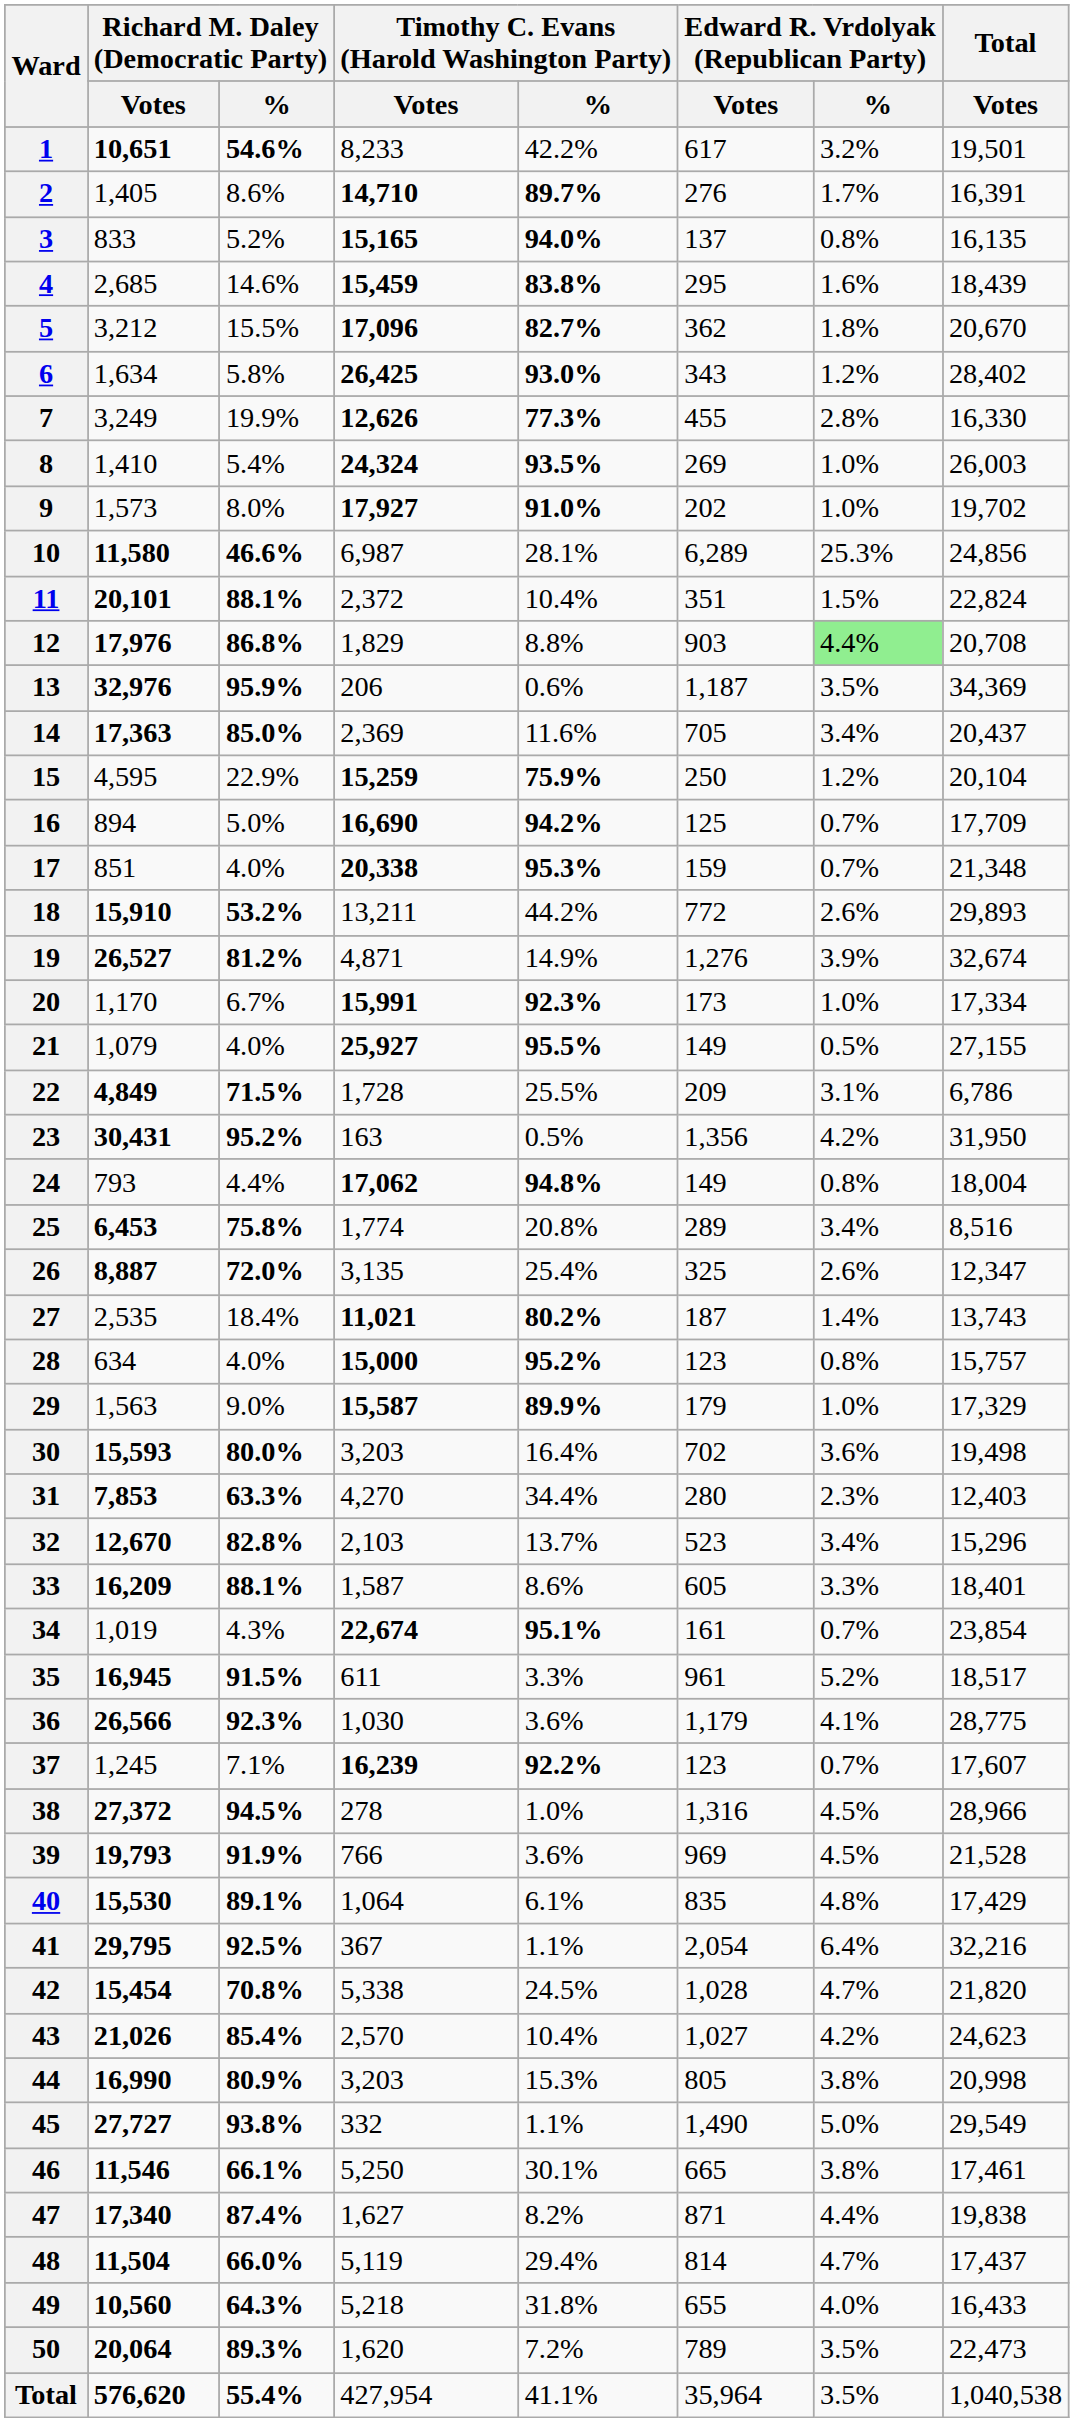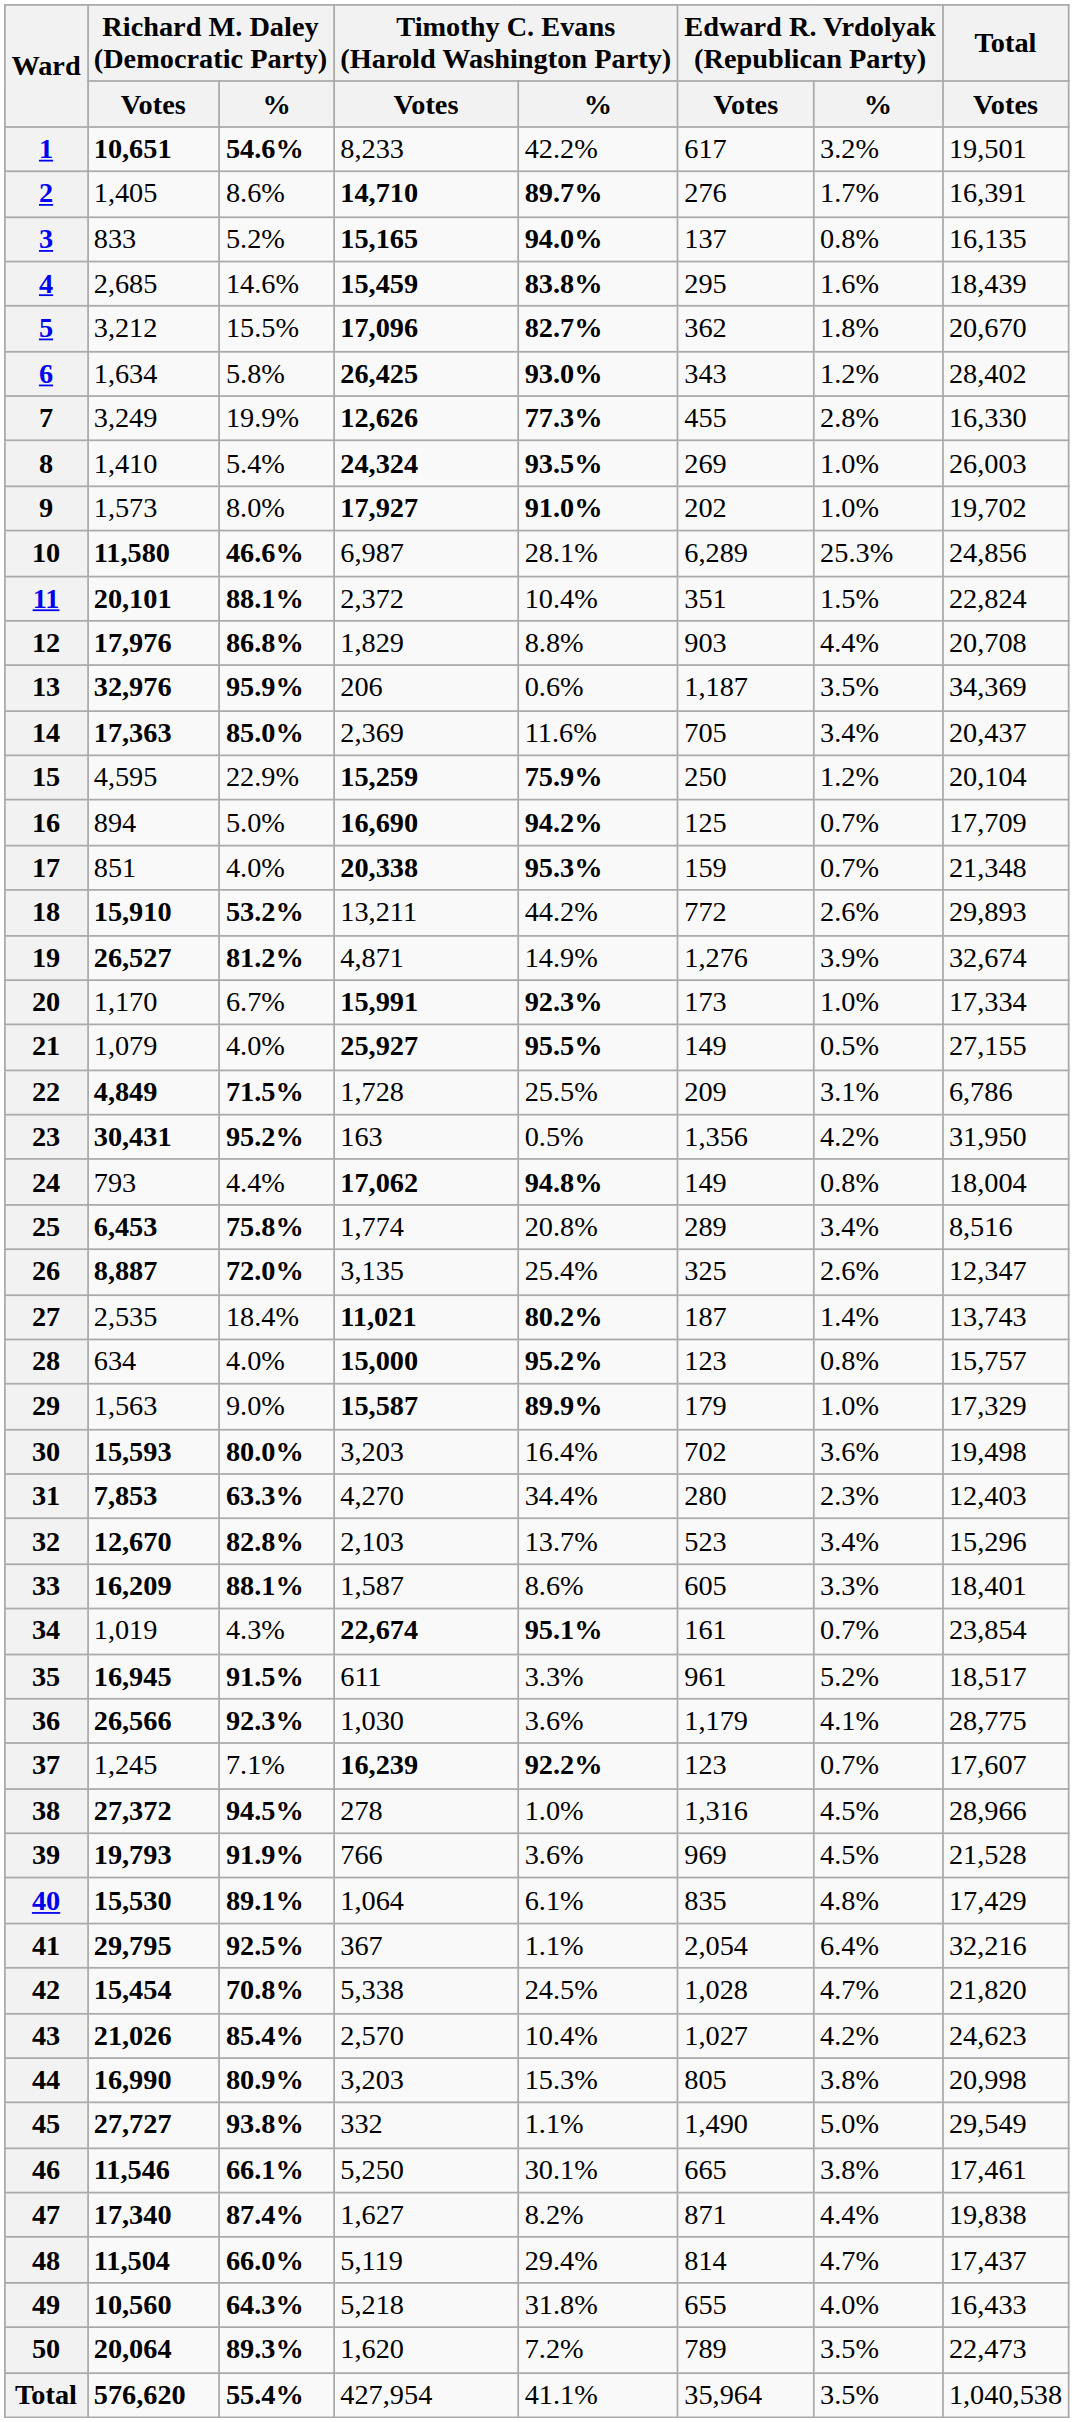 <table class="wikitable collapsible collapsed sortable">
 <tr>
 <th rowspan=2>Ward</th>
 <th colspan=2>Richard M. Daley<br>(Democratic Party)</th>
 <th colspan=2>Timothy C. Evans<br>(Harold Washington Party)</th>
 <th colspan=2>Edward R. Vrdolyak<br>(Republican Party)</th>
 <th>Total</th>
 </tr>
 <tr>
 <th>Votes</th>
 <th>%</th>
 <th>Votes</th>
 <th>%</th>
 <th>Votes</th>
 <th>%</th>
 <th>Votes</th>
 </tr>
 <tr>
 <th><a href='#'>1</a></th>
 <td><strong>10,651</strong></td>
 <td><strong>54.6%</strong></td>
 <td>8,233</td>
 <td>42.2%</td>
 <td>617</td>
 <td>3.2%</td>
 <td>19,501</td>
 </tr>
 <tr>
 <th><a href='#'>2</a></th>
 <td>1,405</td>
 <td>8.6%</td>
 <td><strong>14,710</strong></td>
 <td><strong>89.7%</strong></td>
 <td>276</td>
 <td>1.7%</td>
 <td>16,391</td>
 </tr>
 <tr>
 <th><a href='#'>3</a></th>
 <td>833</td>
 <td>5.2%</td>
 <td><strong>15,165</strong></td>
 <td><strong>94.0%</strong></td>
 <td>137</td>
 <td>0.8%</td>
 <td>16,135</td>
 </tr>
 <tr>
 <th><a href='#'>4</a></th>
 <td>2,685</td>
 <td>14.6%</td>
 <td><strong>15,459</strong></td>
 <td><strong>83.8%</strong></td>
 <td>295</td>
 <td>1.6%</td>
 <td>18,439</td>
 </tr>
 <tr>
 <th><a href='#'>5</a></th>
 <td>3,212</td>
 <td>15.5%</td>
 <td><strong>17,096</strong></td>
 <td><strong>82.7%</strong></td>
 <td>362</td>
 <td>1.8%</td>
 <td>20,670</td>
 </tr>
 <tr>
 <th><a href='#'>6</a></th>
 <td>1,634</td>
 <td>5.8%</td>
 <td><strong>26,425</strong></td>
 <td><strong>93.0%</strong></td>
 <td>343</td>
 <td>1.2%</td>
 <td>28,402</td>
 </tr>
 <tr>
 <th>7</th>
 <td>3,249</td>
 <td>19.9%</td>
 <td><strong>12,626</strong></td>
 <td><strong>77.3%</strong></td>
 <td>455</td>
 <td>2.8%</td>
 <td>16,330</td>
 </tr>
 <tr>
 <th>8</th>
 <td>1,410</td>
 <td>5.4%</td>
 <td><strong>24,324</strong></td>
 <td><strong>93.5%</strong></td>
 <td>269</td>
 <td>1.0%</td>
 <td>26,003</td>
 </tr>
 <tr>
 <th>9</th>
 <td>1,573</td>
 <td>8.0%</td>
 <td><strong>17,927</strong></td>
 <td><strong>91.0%</strong></td>
 <td>202</td>
 <td>1.0%</td>
 <td>19,702</td>
 </tr>
 <tr>
 <th>10</th>
 <td><strong>11,580</strong></td>
 <td><strong>46.6%</strong></td>
 <td>6,987</td>
 <td>28.1%</td>
 <td>6,289</td>
 <td>25.3%</td>
 <td>24,856</td>
 </tr>
 <tr>
 <th><a href='#'>11</a></th>
 <td><strong>20,101</strong></td>
 <td><strong>88.1%</strong></td>
 <td>2,372</td>
 <td>10.4%</td>
 <td>351</td>
 <td>1.5%</td>
 <td>22,824</td>
 </tr>
 <tr>
 <th>12</th>
 <td><strong>17,976</strong></td>
 <td><strong>86.8%</strong></td>
 <td>1,829</td>
 <td>8.8%</td>
 <td>903</td>
-<td style="background: lightgreen;">4.4%</td>
+<td>4.4%</td>
 <td>20,708</td>
 </tr>
 <tr>
 <th>13</th>
 <td><strong>32,976</strong></td>
 <td><strong>95.9%</strong></td>
 <td>206</td>
 <td>0.6%</td>
 <td>1,187</td>
 <td>3.5%</td>
 <td>34,369</td>
 </tr>
 <tr>
 <th>14</th>
 <td><strong>17,363</strong></td>
 <td><strong>85.0%</strong></td>
 <td>2,369</td>
 <td>11.6%</td>
 <td>705</td>
 <td>3.4%</td>
 <td>20,437</td>
 </tr>
 <tr>
 <th>15</th>
 <td>4,595</td>
 <td>22.9%</td>
 <td><strong>15,259</strong></td>
 <td><strong>75.9%</strong></td>
 <td>250</td>
 <td>1.2%</td>
 <td>20,104</td>
 </tr>
 <tr>
 <th>16</th>
 <td>894</td>
 <td>5.0%</td>
 <td><strong>16,690</strong></td>
 <td><strong>94.2%</strong></td>
 <td>125</td>
 <td>0.7%</td>
 <td>17,709</td>
 </tr>
 <tr>
 <th>17</th>
 <td>851</td>
 <td>4.0%</td>
 <td><strong>20,338</strong></td>
 <td><strong>95.3%</strong></td>
 <td>159</td>
 <td>0.7%</td>
 <td>21,348</td>
 </tr>
 <tr>
 <th>18</th>
 <td><strong>15,910</strong></td>
 <td><strong>53.2%</strong></td>
 <td>13,211</td>
 <td>44.2%</td>
 <td>772</td>
 <td>2.6%</td>
 <td>29,893</td>
 </tr>
 <tr>
 <th>19</th>
 <td><strong>26,527</strong></td>
 <td><strong>81.2%</strong></td>
 <td>4,871</td>
 <td>14.9%</td>
 <td>1,276</td>
 <td>3.9%</td>
 <td>32,674</td>
 </tr>
 <tr>
 <th>20</th>
 <td>1,170</td>
 <td>6.7%</td>
 <td><strong>15,991</strong></td>
 <td><strong>92.3%</strong></td>
 <td>173</td>
 <td>1.0%</td>
 <td>17,334</td>
 </tr>
 <tr>
 <th>21</th>
 <td>1,079</td>
 <td>4.0%</td>
 <td><strong>25,927</strong></td>
 <td><strong>95.5%</strong></td>
 <td>149</td>
 <td>0.5%</td>
 <td>27,155</td>
 </tr>
 <tr>
 <th>22</th>
 <td><strong>4,849</strong></td>
 <td><strong>71.5%</strong></td>
 <td>1,728</td>
 <td>25.5%</td>
 <td>209</td>
 <td>3.1%</td>
 <td>6,786</td>
 </tr>
 <tr>
 <th>23</th>
 <td><strong>30,431</strong></td>
 <td><strong>95.2%</strong></td>
 <td>163</td>
 <td>0.5%</td>
 <td>1,356</td>
 <td>4.2%</td>
 <td>31,950</td>
 </tr>
 <tr>
 <th>24</th>
 <td>793</td>
 <td>4.4%</td>
 <td><strong>17,062</strong></td>
 <td><strong>94.8%</strong></td>
 <td>149</td>
 <td>0.8%</td>
 <td>18,004</td>
 </tr>
 <tr>
 <th>25</th>
 <td><strong>6,453</strong></td>
 <td><strong>75.8%</strong></td>
 <td>1,774</td>
 <td>20.8%</td>
 <td>289</td>
 <td>3.4%</td>
 <td>8,516</td>
 </tr>
 <tr>
 <th>26</th>
 <td><strong>8,887</strong></td>
 <td><strong>72.0%</strong></td>
 <td>3,135</td>
 <td>25.4%</td>
 <td>325</td>
 <td>2.6%</td>
 <td>12,347</td>
 </tr>
 <tr>
 <th>27</th>
 <td>2,535</td>
 <td>18.4%</td>
 <td><strong>11,021</strong></td>
 <td><strong>80.2%</strong></td>
 <td>187</td>
 <td>1.4%</td>
 <td>13,743</td>
 </tr>
 <tr>
 <th>28</th>
 <td>634</td>
 <td>4.0%</td>
 <td><strong>15,000</strong></td>
 <td><strong>95.2%</strong></td>
 <td>123</td>
 <td>0.8%</td>
 <td>15,757</td>
 </tr>
 <tr>
 <th>29</th>
 <td>1,563</td>
 <td>9.0%</td>
 <td><strong>15,587</strong></td>
 <td><strong>89.9%</strong></td>
 <td>179</td>
 <td>1.0%</td>
 <td>17,329</td>
 </tr>
 <tr>
 <th>30</th>
 <td><strong>15,593</strong></td>
 <td><strong>80.0%</strong></td>
 <td>3,203</td>
 <td>16.4%</td>
 <td>702</td>
 <td>3.6%</td>
 <td>19,498</td>
 </tr>
 <tr>
 <th>31</th>
 <td><strong>7,853</strong></td>
 <td><strong>63.3%</strong></td>
 <td>4,270</td>
 <td>34.4%</td>
 <td>280</td>
 <td>2.3%</td>
 <td>12,403</td>
 </tr>
 <tr>
 <th>32</th>
 <td><strong>12,670</strong></td>
 <td><strong>82.8%</strong></td>
 <td>2,103</td>
 <td>13.7%</td>
 <td>523</td>
 <td>3.4%</td>
 <td>15,296</td>
 </tr>
 <tr>
 <th>33</th>
 <td><strong>16,209</strong></td>
 <td><strong>88.1%</strong></td>
 <td>1,587</td>
 <td>8.6%</td>
 <td>605</td>
 <td>3.3%</td>
 <td>18,401</td>
 </tr>
 <tr>
 <th>34</th>
 <td>1,019</td>
 <td>4.3%</td>
 <td><strong>22,674</strong></td>
 <td><strong>95.1%</strong></td>
 <td>161</td>
 <td>0.7%</td>
 <td>23,854</td>
 </tr>
 <tr>
 <th>35</th>
 <td><strong>16,945</strong></td>
 <td><strong>91.5%</strong></td>
 <td>611</td>
 <td>3.3%</td>
 <td>961</td>
 <td>5.2%</td>
 <td>18,517</td>
 </tr>
 <tr>
 <th>36</th>
 <td><strong>26,566</strong></td>
 <td><strong>92.3%</strong></td>
 <td>1,030</td>
 <td>3.6%</td>
 <td>1,179</td>
 <td>4.1%</td>
 <td>28,775</td>
 </tr>
 <tr>
 <th>37</th>
 <td>1,245</td>
 <td>7.1%</td>
 <td><strong>16,239</strong></td>
 <td><strong>92.2%</strong></td>
 <td>123</td>
 <td>0.7%</td>
 <td>17,607</td>
 </tr>
 <tr>
 <th>38</th>
 <td><strong>27,372</strong></td>
 <td><strong>94.5%</strong></td>
 <td>278</td>
 <td>1.0%</td>
 <td>1,316</td>
 <td>4.5%</td>
 <td>28,966</td>
 </tr>
 <tr>
 <th>39</th>
 <td><strong>19,793</strong></td>
 <td><strong>91.9%</strong></td>
 <td>766</td>
 <td>3.6%</td>
 <td>969</td>
 <td>4.5%</td>
 <td>21,528</td>
 </tr>
 <tr>
 <th><a href='#'>40</a></th>
 <td><strong>15,530</strong></td>
 <td><strong>89.1%</strong></td>
 <td>1,064</td>
 <td>6.1%</td>
 <td>835</td>
 <td>4.8%</td>
 <td>17,429</td>
 </tr>
 <tr>
 <th>41</th>
 <td><strong>29,795</strong></td>
 <td><strong>92.5%</strong></td>
 <td>367</td>
 <td>1.1%</td>
 <td>2,054</td>
 <td>6.4%</td>
 <td>32,216</td>
 </tr>
 <tr>
 <th>42</th>
 <td><strong>15,454</strong></td>
 <td><strong>70.8%</strong></td>
 <td>5,338</td>
 <td>24.5%</td>
 <td>1,028</td>
 <td>4.7%</td>
 <td>21,820</td>
 </tr>
 <tr>
 <th>43</th>
 <td><strong>21,026</strong></td>
 <td><strong>85.4%</strong></td>
 <td>2,570</td>
 <td>10.4%</td>
 <td>1,027</td>
 <td>4.2%</td>
 <td>24,623</td>
 </tr>
 <tr>
 <th>44</th>
 <td><strong>16,990</strong></td>
 <td><strong>80.9%</strong></td>
 <td>3,203</td>
 <td>15.3%</td>
 <td>805</td>
 <td>3.8%</td>
 <td>20,998</td>
 </tr>
 <tr>
 <th>45</th>
 <td><strong>27,727</strong></td>
 <td><strong>93.8%</strong></td>
 <td>332</td>
 <td>1.1%</td>
 <td>1,490</td>
 <td>5.0%</td>
 <td>29,549</td>
 </tr>
 <tr>
 <th>46</th>
 <td><strong>11,546</strong></td>
 <td><strong>66.1%</strong></td>
 <td>5,250</td>
 <td>30.1%</td>
 <td>665</td>
 <td>3.8%</td>
 <td>17,461</td>
 </tr>
 <tr>
 <th>47</th>
 <td><strong>17,340</strong></td>
 <td><strong>87.4%</strong></td>
 <td>1,627</td>
 <td>8.2%</td>
 <td>871</td>
 <td>4.4%</td>
 <td>19,838</td>
 </tr>
 <tr>
 <th>48</th>
 <td><strong>11,504</strong></td>
 <td><strong>66.0%</strong></td>
 <td>5,119</td>
 <td>29.4%</td>
 <td>814</td>
 <td>4.7%</td>
 <td>17,437</td>
 </tr>
 <tr>
 <th>49</th>
 <td><strong>10,560</strong></td>
 <td><strong>64.3%</strong></td>
 <td>5,218</td>
 <td>31.8%</td>
 <td>655</td>
 <td>4.0%</td>
 <td>16,433</td>
 </tr>
 <tr>
 <th>50</th>
 <td><strong>20,064</strong></td>
 <td><strong>89.3%</strong></td>
 <td>1,620</td>
 <td>7.2%</td>
 <td>789</td>
 <td>3.5%</td>
 <td>22,473</td>
 </tr>
 <tr>
 <th>Total</th>
 <td><strong>576,620</strong></td>
 <td><strong>55.4%</strong></td>
 <td>427,954</td>
 <td>41.1%</td>
 <td>35,964</td>
 <td>3.5%</td>
 <td>1,040,538</td>
 </tr>
 </table>
